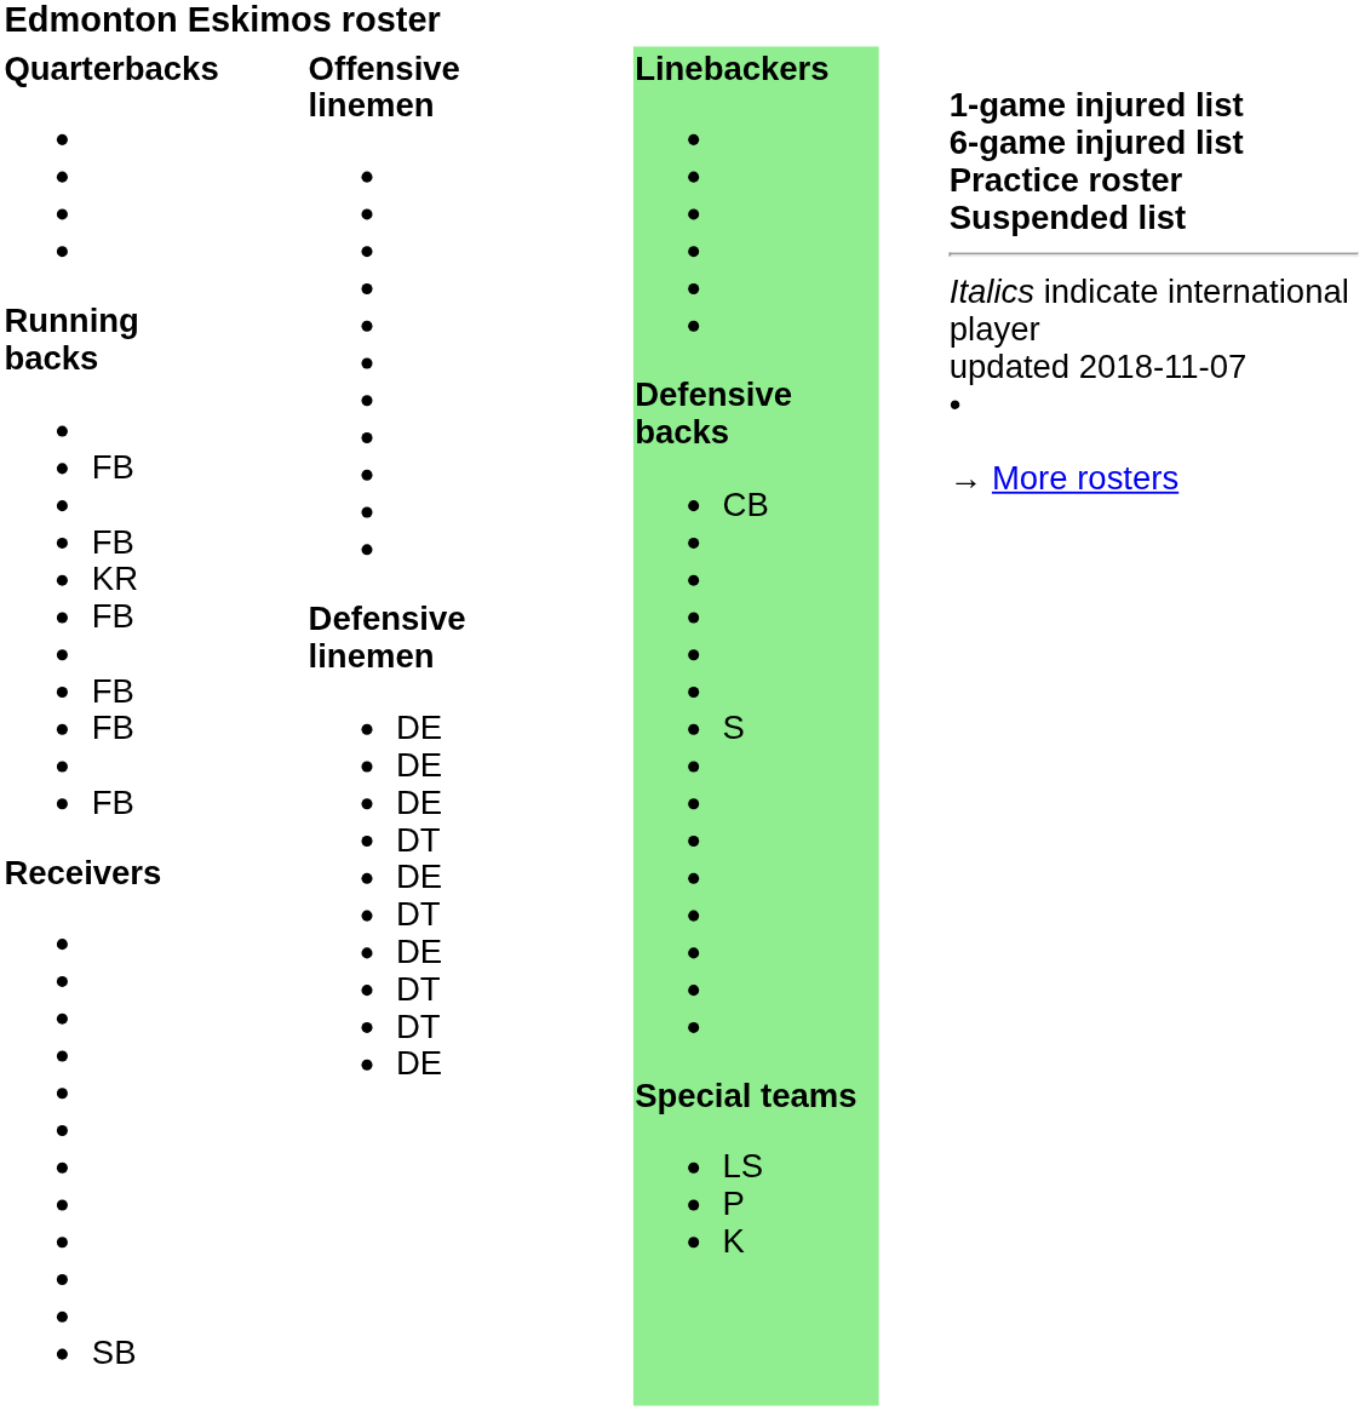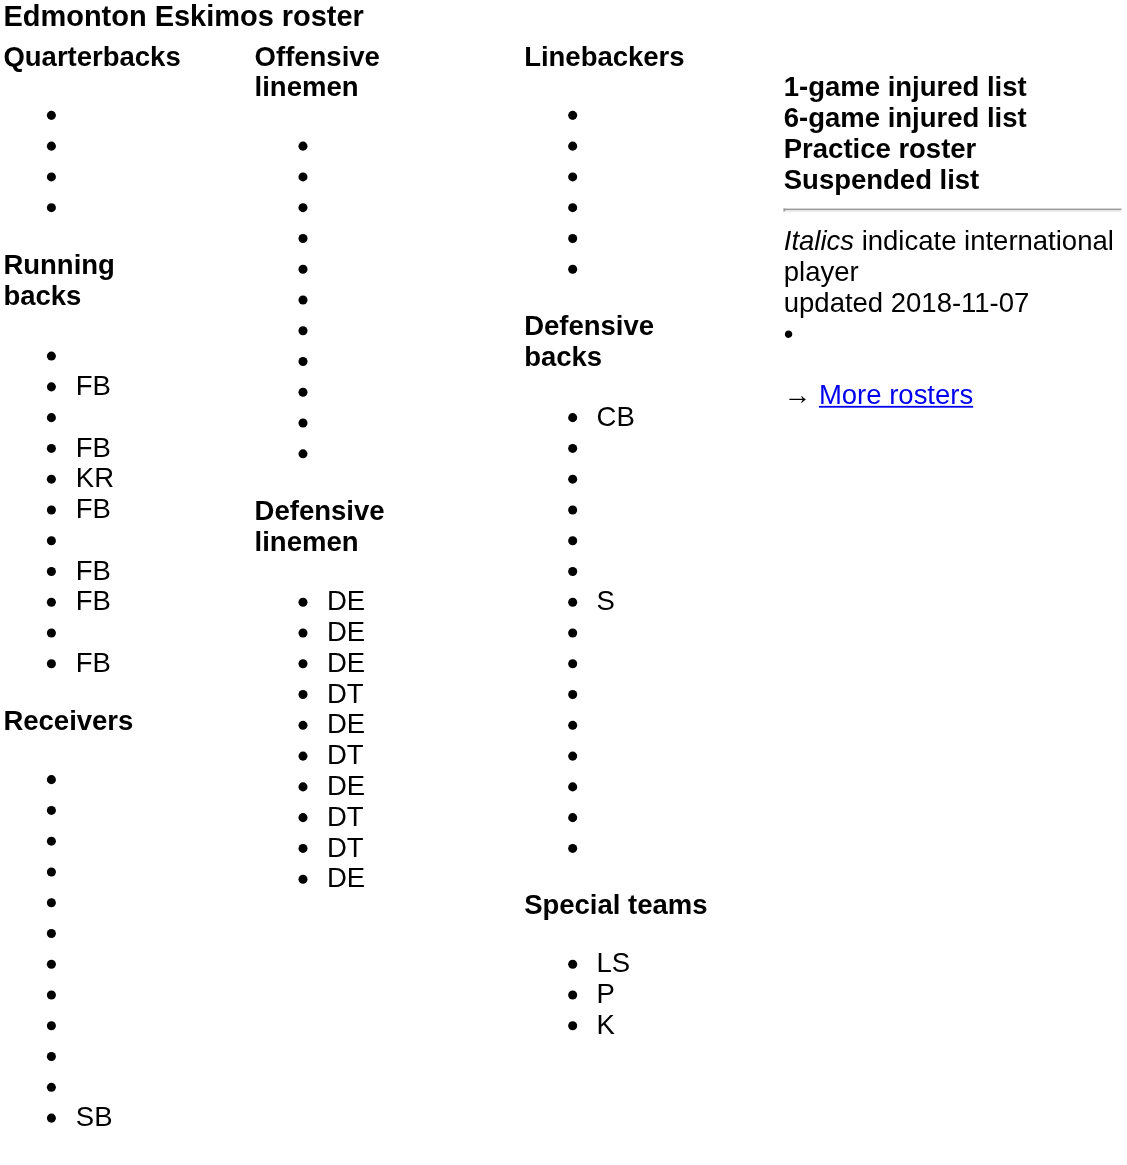 <table class="toccolours" style="text-align: left;">
 <tr>
 <th colspan="9">Edmonton Eskimos roster</th>
 </tr>
 <tr>
 <td style="font-size: 95%;vertical-align:top;"><strong>Quarterbacks</strong><br><ul><li></li><li></li><li></li><li></li></ul><strong>Running backs</strong><ul><li></li><li> FB</li><li></li><li> FB</li><li> KR</li><li> FB</li><li></li><li> FB</li><li> FB</li><li></li><li> FB</li></ul><strong>Receivers</strong><ul><li></li><li></li><li></li><li></li><li></li><li></li><li></li><li></li><li></li><li></li><li></li><li> SB</li></ul></td>
 <td style="width: 25px;"></td>
 <td style="font-size: 95%;vertical-align:top;"><strong>Offensive linemen</strong><br><ul><li></li><li></li><li></li><li></li><li></li><li></li><li></li><li></li><li></li><li></li><li></li></ul><strong>Defensive linemen</strong><ul><li> DE</li><li> DE</li><li> DE</li><li> DT</li><li> DE</li><li> DT</li><li> DE</li><li> DT</li><li> DT</li><li> DE</li></ul></td>
 <td style="width: 25px;"></td>
-<td style="background: lightgreen; font-size: 95%;vertical-align:top;"><strong>Linebackers</strong><br><ul><li></li><li></li><li></li><li></li><li></li><li></li></ul><strong>Defensive backs</strong><ul><li> CB</li><li></li><li></li><li></li><li></li><li></li><li> S</li><li></li><li></li><li></li><li></li><li></li><li></li><li></li><li></li></ul><strong>Special teams</strong><ul><li> LS</li><li> P</li><li> K</li></ul></td>
+<td style="font-size: 95%;vertical-align:top;"><strong>Linebackers</strong><br><ul><li></li><li></li><li></li><li></li><li></li><li></li></ul><strong>Defensive backs</strong><ul><li> CB</li><li></li><li></li><li></li><li></li><li></li><li> S</li><li></li><li></li><li></li><li></li><li></li><li></li><li></li><li></li></ul><strong>Special teams</strong><ul><li> LS</li><li> P</li><li> K</li></ul></td>
 <td style="width: 25px;"></td>
 <td style="font-size: 95%;vertical-align:top;"><br><strong>1-game injured list</strong><br><strong>6-game injured list</strong><br><strong>Practice roster</strong><br><strong>Suspended list</strong><br><hr> <em>Italics</em> indicate international player<br> <span></span> updated 2018-11-07<br> <span></span> • <span></span><br> <br>→ <a href='#'>More rosters</a></td>
 </tr>
 <tr>
 </tr>
 </table>
